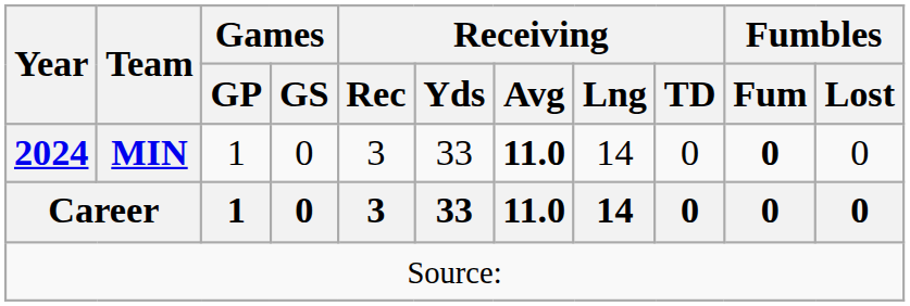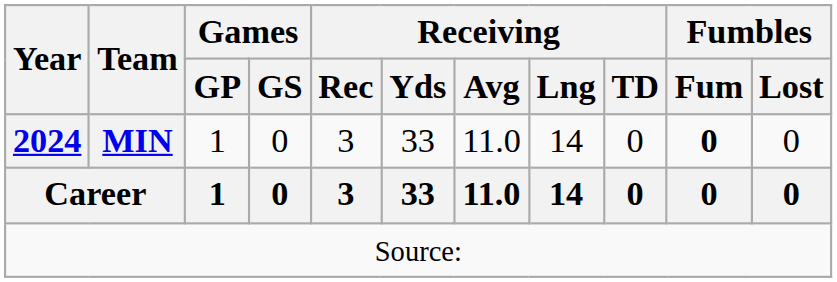 <table class=wikitable style="text-align:center;">
 <tr>
 <th rowspan="2">Year</th>
 <th rowspan="2">Team</th>
 <th colspan="2">Games</th>
 <th colspan="5">Receiving</th>
 <th colspan="2">Fumbles</th>
 </tr>
 <tr>
 <th>GP</th>
 <th>GS</th>
 <th>Rec</th>
 <th>Yds</th>
 <th>Avg</th>
 <th>Lng</th>
 <th>TD</th>
 <th>Fum</th>
 <th>Lost</th>
 </tr>
 <tr>
 <th><a href='#'>2024</a></th>
 <th><a href='#'>MIN</a></th>
 <td>1</td>
 <td>0</td>
 <td>3</td>
 <td>33</td>
-<td><strong>11.0</strong></td>
+<td>11.0</td>
 <td>14</td>
 <td>0</td>
 <td><strong>0</strong></td>
 <td>0</td>
 </tr>
 <tr>
 <th colspan="2">Career</th>
 <th>1</th>
 <th>0</th>
 <th>3</th>
 <th>33</th>
 <th>11.0</th>
 <th>14</th>
 <th>0</th>
 <th>0</th>
 <th>0</th>
 </tr>
 <tr>
 <td colspan="11"><small>Source: </small></td>
 </tr>
 </table>
